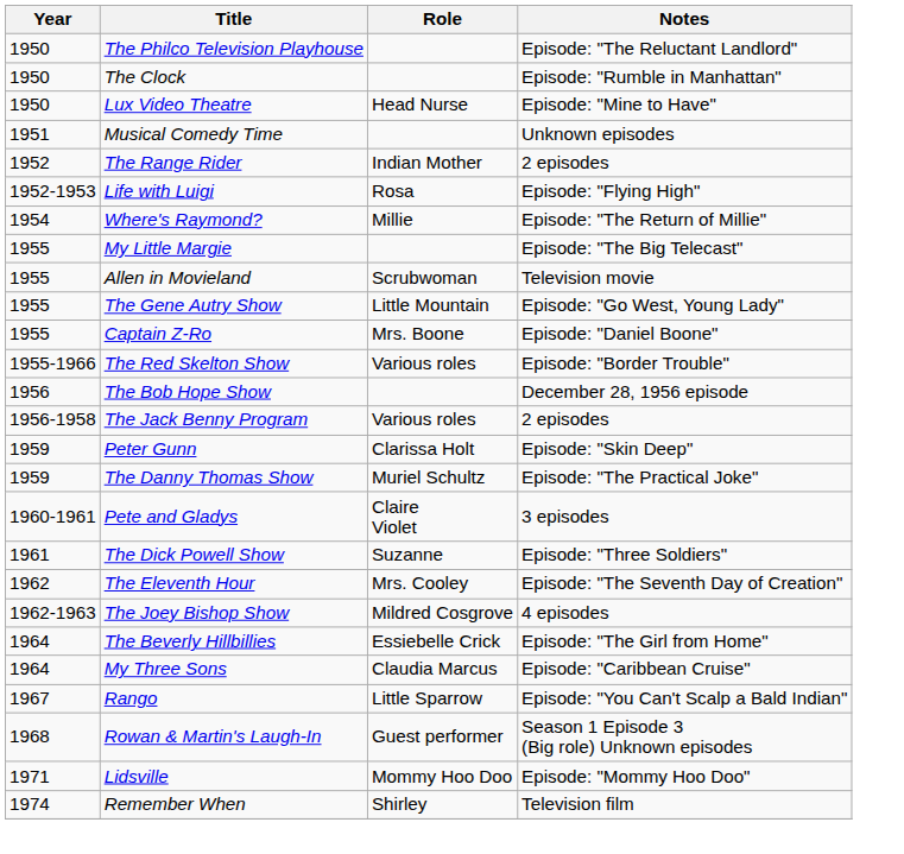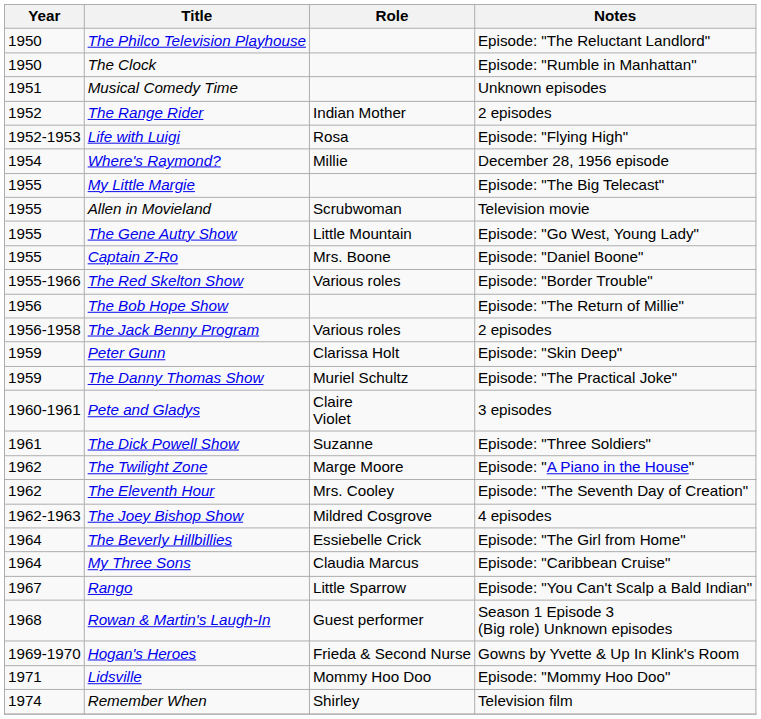 <table class="wikitable sortable">
 <tr>
 <th>Year</th>
 <th>Title</th>
 <th>Role</th>
 <th class="unsortable">Notes</th>
 </tr>
 <tr>
 <td>1950</td>
 <td><em><a href='#'>The Philco Television Playhouse</a></em></td>
 <td></td>
 <td>Episode: "The Reluctant Landlord"</td>
 </tr>
 <tr>
 <td>1950</td>
 <td><em>The Clock</em></td>
 <td></td>
 <td>Episode: "Rumble in Manhattan"</td>
-</tr>
-<tr>
-<td>1950</td>
-<td><em><a href='#'>Lux Video Theatre</a></em></td>
-<td>Head Nurse</td>
-<td>Episode: "Mine to Have"</td>
 </tr>
 <tr>
 <td>1951</td>
 <td><em>Musical Comedy Time</em></td>
 <td></td>
 <td>Unknown episodes</td>
 </tr>
 <tr>
 <td>1952</td>
 <td><em><a href='#'>The Range Rider</a></em></td>
 <td>Indian Mother</td>
 <td>2 episodes</td>
 </tr>
 <tr>
 <td>1952-1953</td>
 <td><em><a href='#'>Life with Luigi</a></em></td>
 <td>Rosa</td>
 <td>Episode: "Flying High"</td>
 </tr>
 <tr>
 <td>1954</td>
 <td><em><a href='#'>Where's Raymond?</a></em></td>
 <td>Millie</td>
-<td>Episode: "The Return of Millie"</td>
+<td>December 28, 1956 episode</td>
 </tr>
 <tr>
 <td>1955</td>
 <td><em><a href='#'>My Little Margie</a></em></td>
 <td></td>
 <td>Episode: "The Big Telecast"</td>
 </tr>
 <tr>
 <td>1955</td>
 <td><em>Allen in Movieland</em></td>
 <td>Scrubwoman</td>
 <td>Television movie</td>
 </tr>
 <tr>
 <td>1955</td>
 <td><em><a href='#'>The Gene Autry Show</a></em></td>
 <td>Little Mountain</td>
 <td>Episode: "Go West, Young Lady"</td>
 </tr>
 <tr>
 <td>1955</td>
 <td><em><a href='#'>Captain Z-Ro</a></em></td>
 <td>Mrs. Boone</td>
 <td>Episode: "Daniel Boone"</td>
 </tr>
 <tr>
 <td>1955-1966</td>
 <td><em><a href='#'>The Red Skelton Show</a></em></td>
 <td>Various roles</td>
 <td>Episode: "Border Trouble"</td>
 </tr>
 <tr>
 <td>1956</td>
 <td><em><a href='#'>The Bob Hope Show</a></em></td>
 <td></td>
-<td>December 28, 1956 episode</td>
+<td>Episode: "The Return of Millie"</td>
 </tr>
 <tr>
 <td>1956-1958</td>
 <td><em><a href='#'>The Jack Benny Program</a></em></td>
 <td>Various roles</td>
 <td>2 episodes</td>
 </tr>
 <tr>
 <td>1959</td>
 <td><em><a href='#'>Peter Gunn</a></em></td>
 <td>Clarissa Holt</td>
 <td>Episode: "Skin Deep"</td>
 </tr>
 <tr>
 <td>1959</td>
 <td><em><a href='#'>The Danny Thomas Show</a></em></td>
 <td>Muriel Schultz</td>
 <td>Episode: "The Practical Joke"</td>
 </tr>
 <tr>
 <td>1960-1961</td>
 <td><em><a href='#'>Pete and Gladys</a></em></td>
 <td>Claire<br>Violet</td>
 <td>3 episodes</td>
 </tr>
 <tr>
 <td>1961</td>
 <td><em><a href='#'>The Dick Powell Show</a></em></td>
 <td>Suzanne</td>
 <td>Episode: "Three Soldiers"</td>
+</tr>
+<tr>
+<td>1962</td>
+<td><em><a href='#'>The Twilight Zone</a></em></td>
+<td>Marge Moore</td>
+<td>Episode: "<a href='#'>A Piano in the House</a>"</td>
 </tr>
 <tr>
 <td>1962</td>
 <td><em><a href='#'>The Eleventh Hour</a></em></td>
 <td>Mrs. Cooley</td>
 <td>Episode: "The Seventh Day of Creation"</td>
 </tr>
 <tr>
 <td>1962-1963</td>
 <td><em><a href='#'>The Joey Bishop Show</a></em></td>
 <td>Mildred Cosgrove</td>
 <td>4 episodes</td>
 </tr>
 <tr>
 <td>1964</td>
 <td><em><a href='#'>The Beverly Hillbillies</a></em></td>
 <td>Essiebelle Crick</td>
 <td>Episode: "The Girl from Home"</td>
 </tr>
 <tr>
 <td>1964</td>
 <td><em><a href='#'>My Three Sons</a></em></td>
 <td>Claudia Marcus</td>
 <td>Episode: "Caribbean Cruise"</td>
 </tr>
 <tr>
 <td>1967</td>
 <td><em><a href='#'>Rango</a></em></td>
 <td>Little Sparrow</td>
 <td>Episode: "You Can't Scalp a Bald Indian"</td>
 </tr>
 <tr>
 <td>1968</td>
 <td><em><a href='#'>Rowan & Martin's Laugh-In</a></em></td>
 <td>Guest performer</td>
 <td>Season 1 Episode 3<br>(Big role) Unknown episodes</td>
 </tr>
 <tr>
+<td>1969-1970</td>
+<td><em><a href='#'>Hogan's Heroes</a></em></td>
+<td>Frieda & Second Nurse</td>
+<td>Gowns by Yvette & Up In Klink's Room</td>
+</tr>
+<tr>
 <td>1971</td>
 <td><em><a href='#'>Lidsville</a></em></td>
 <td>Mommy Hoo Doo</td>
 <td>Episode: "Mommy Hoo Doo"</td>
 </tr>
 <tr>
 <td>1974</td>
 <td><em>Remember When</em></td>
 <td>Shirley</td>
 <td>Television film</td>
 </tr>
 <tr>
 </tr>
 </table>
